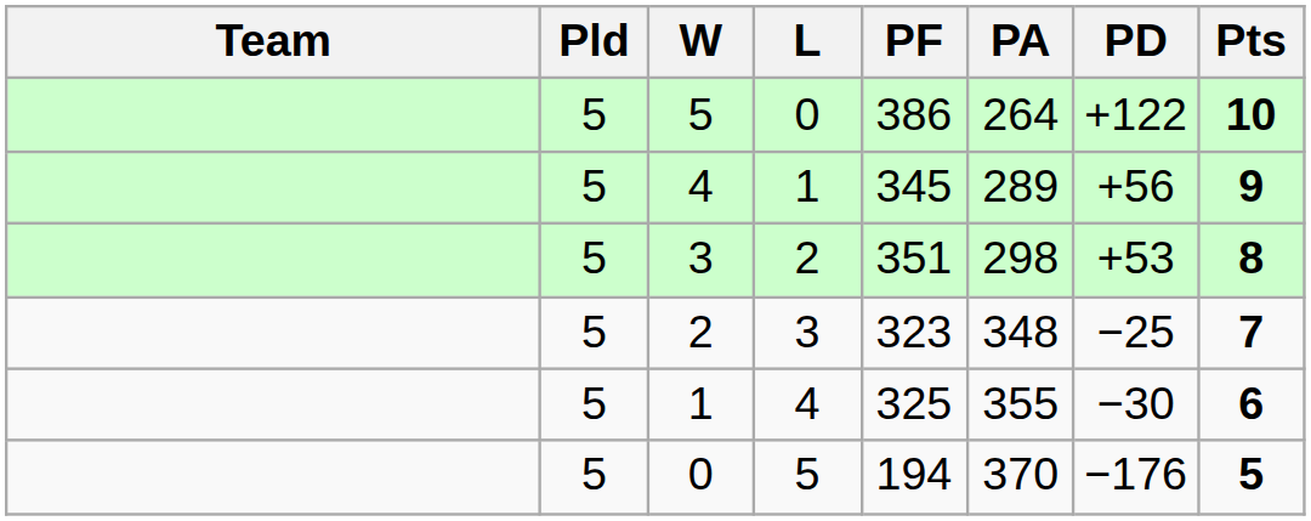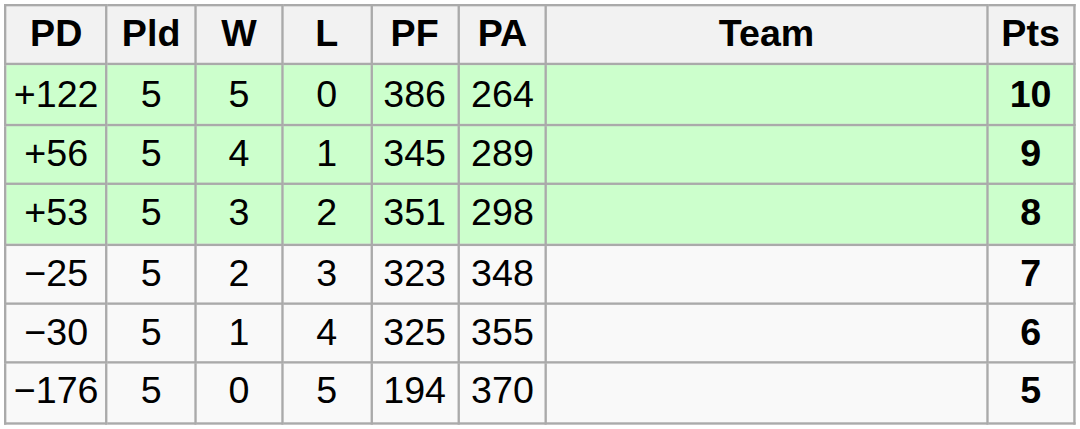 <table class=wikitable style="text-align:center">
 <tr>
-<th width=180>Team</th>
+<th width=30>PD</th>
 <th width=30>Pld</th>
 <th width=30>W</th>
 <th width=30>L</th>
 <th width=30>PF</th>
 <th width=30>PA</th>
-<th width=30>PD</th>
+<th width=180>Team</th>
 <th width=30>Pts</th>
 </tr>
 <tr align=center bgcolor="#ccffcc">
-<td align=left></td>
+<td>+122</td>
 <td>5</td>
 <td>5</td>
 <td>0</td>
 <td>386</td>
 <td>264</td>
-<td>+122</td>
+<td align=left></td>
 <td><strong>10</strong></td>
 </tr>
 <tr align=center bgcolor="#ccffcc">
-<td align=left></td>
+<td>+56</td>
 <td>5</td>
 <td>4</td>
 <td>1</td>
 <td>345</td>
 <td>289</td>
-<td>+56</td>
+<td align=left></td>
 <td><strong>9</strong></td>
 </tr>
 <tr align=center bgcolor="#ccffcc">
-<td align=left></td>
+<td>+53</td>
 <td>5</td>
 <td>3</td>
 <td>2</td>
 <td>351</td>
 <td>298</td>
-<td>+53</td>
+<td align=left></td>
 <td><strong>8</strong></td>
 </tr>
 <tr align=center>
-<td align=left></td>
+<td>−25</td>
 <td>5</td>
 <td>2</td>
 <td>3</td>
 <td>323</td>
 <td>348</td>
-<td>−25</td>
+<td align=left></td>
 <td><strong>7</strong></td>
 </tr>
 <tr align=center>
-<td align=left></td>
+<td>−30</td>
 <td>5</td>
 <td>1</td>
 <td>4</td>
 <td>325</td>
 <td>355</td>
-<td>−30</td>
+<td align=left></td>
 <td><strong>6</strong></td>
 </tr>
 <tr align=center>
-<td align=left></td>
+<td>−176</td>
 <td>5</td>
 <td>0</td>
 <td>5</td>
 <td>194</td>
 <td>370</td>
-<td>−176</td>
+<td align=left></td>
 <td><strong>5</strong></td>
 </tr>
 </table>
